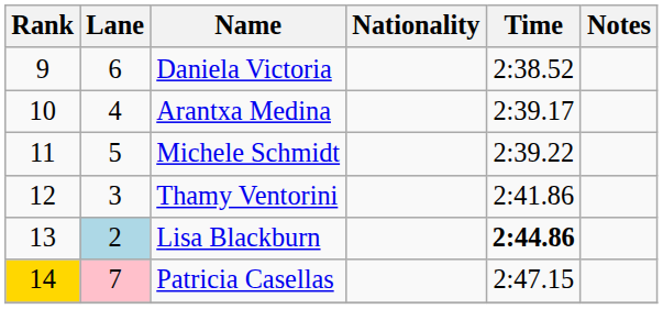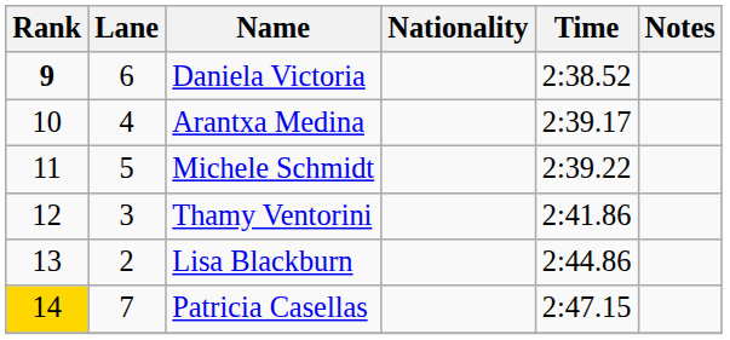 <table class="wikitable sortable" style="text-align:center">
 <tr>
 <th>Rank</th>
 <th>Lane</th>
 <th>Name</th>
 <th>Nationality</th>
 <th>Time</th>
 <th>Notes</th>
 </tr>
 <tr>
-<td>9</td>
+<td><strong>9</strong></td>
 <td>6</td>
 <td align=left><a href='#'>Daniela Victoria</a></td>
 <td align=left></td>
 <td>2:38.52</td>
 <td></td>
 </tr>
 <tr>
 <td>10</td>
 <td>4</td>
 <td align=left><a href='#'>Arantxa Medina</a></td>
 <td align=left></td>
 <td>2:39.17</td>
 <td></td>
 </tr>
 <tr>
 <td>11</td>
 <td>5</td>
 <td align=left><a href='#'>Michele Schmidt</a></td>
 <td align=left></td>
 <td>2:39.22</td>
 <td></td>
 </tr>
 <tr>
 <td>12</td>
 <td>3</td>
 <td align=left><a href='#'>Thamy Ventorini</a></td>
 <td align=left></td>
 <td>2:41.86</td>
 <td></td>
 </tr>
 <tr>
 <td>13</td>
-<td style="background: lightblue;">2</td>
+<td>2</td>
 <td align=left><a href='#'>Lisa Blackburn</a></td>
 <td align=left></td>
-<td><strong>2:44.86</strong></td>
+<td>2:44.86</td>
 <td></td>
 </tr>
 <tr>
 <td style="background: gold;">14</td>
-<td style="background: pink;">7</td>
+<td>7</td>
 <td align=left><a href='#'>Patricia Casellas</a></td>
 <td align=left></td>
 <td>2:47.15</td>
 <td></td>
 </tr>
 <tr>
 </tr>
 </table>
